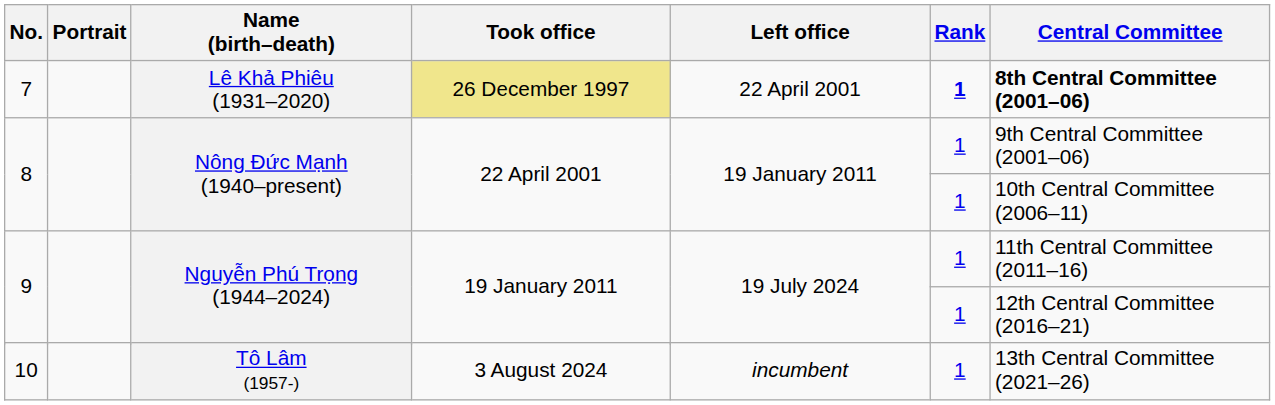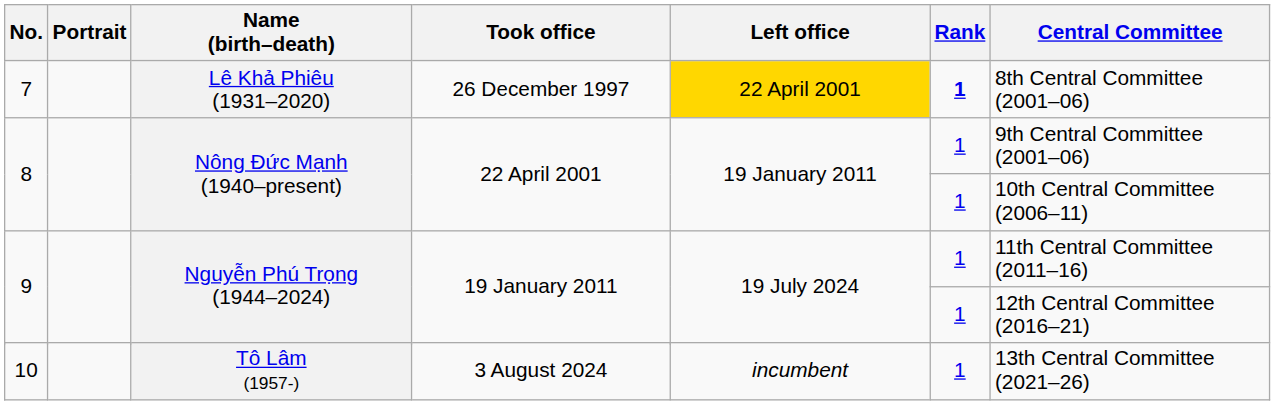 <table class="wikitable">
 <tr>
 <th scope="col" style="width:1em;">No.<br></th>
 <th scope="col" style="width:1em;">Portrait</th>
 <th scope="col" style="width:13em;">Name<br>(birth–death)</th>
 <th scope="col" style="width:12em;">Took office</th>
 <th scope="col" style="width:12em;">Left office</th>
 <th scope="col" style="width:1em;"><a href='#'>Rank</a><br></th>
 <th scope="col" style="width:13em;"><a href='#'>Central Committee</a></th>
 </tr>
 <tr>
 <td align="center">7</td>
 <td align="center"></td>
 <th align="center" scope="row" style="font-weight:normal;"><a href='#'>Lê Khả Phiêu</a><br>(1931–2020)</th>
-<td align="center" style="background: khaki;">26 December 1997</td>
-<td align="center">22 April 2001</td>
+<td align="center">26 December 1997</td>
+<td align="center" style="background: gold;">22 April 2001</td>
 <td align="center"><strong><a href='#'>1</a></strong></td>
-<td align="left"><strong>8th Central Committee (2001–06)</strong></td>
+<td align="left">8th Central Committee (2001–06)</td>
 </tr>
 <tr>
 <td align="center" rowspan="2">8</td>
 <td rowspan="2" align="center"></td>
 <th align="center" scope="row" style="font-weight:normal;" rowspan="2"><a href='#'>Nông Đức Mạnh</a><br>(1940–present)</th>
 <td align="center" rowspan="2">22 April 2001</td>
 <td align="center" rowspan="2">19 January 2011</td>
 <td align="center"><a href='#'>1</a></td>
 <td align="left">9th Central Committee (2001–06)</td>
 </tr>
 <tr>
 <td align="center"><a href='#'>1</a></td>
 <td align="left">10th Central Committee (2006–11)</td>
 </tr>
 <tr>
 <td rowspan="3" align="center">9</td>
 <td rowspan="3" align="center"></td>
 <th rowspan="3" align="center" scope="row" style="font-weight:normal;"><a href='#'>Nguyễn Phú Trọng</a><br>(1944–2024)</th>
 <td rowspan="3" align="center">19 January 2011</td>
 <td rowspan="3" align="center">19 July 2024</td>
 <td align="center"><a href='#'>1</a></td>
 <td align="left">11th Central Committee (2011–16)</td>
 </tr>
 <tr>
 <td align="center"><a href='#'>1</a></td>
 <td align="left">12th Central Committee (2016–21)</td>
 </tr>
 <tr>
 <td rowspan="2" align="center"><a href='#'>1</a></td>
 <td rowspan="2" align="left">13th Central Committee (2021–26)</td>
 </tr>
 <tr>
 <td align="center" rowspan="3">10</td>
 <td rowspan="3" align="center"></td>
 <th align="center" scope="row" style="font-weight:normal;" rowspan="3"><a href='#'>Tô Lâm</a><br><small>(1957-)</small></th>
 <td align="center" rowspan="3">3 August 2024</td>
 <td align="center" rowspan="3"><em>incumbent</em></td>
 </tr>
 </table>
